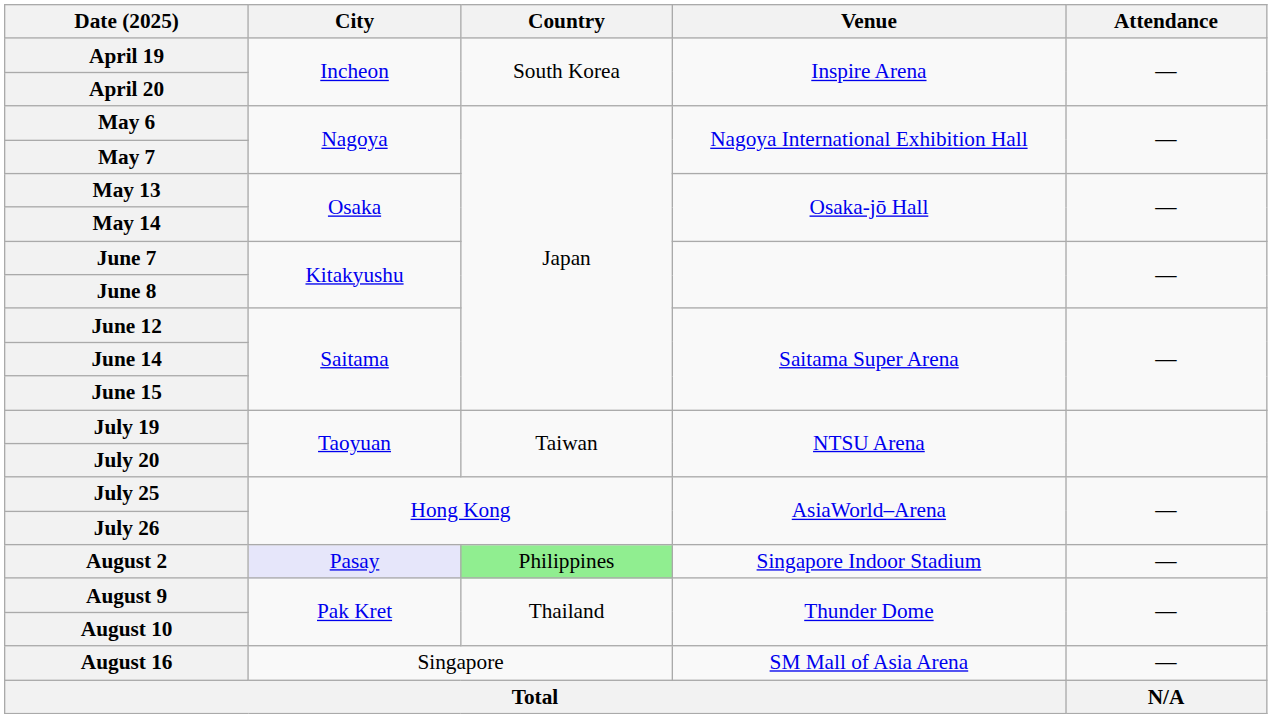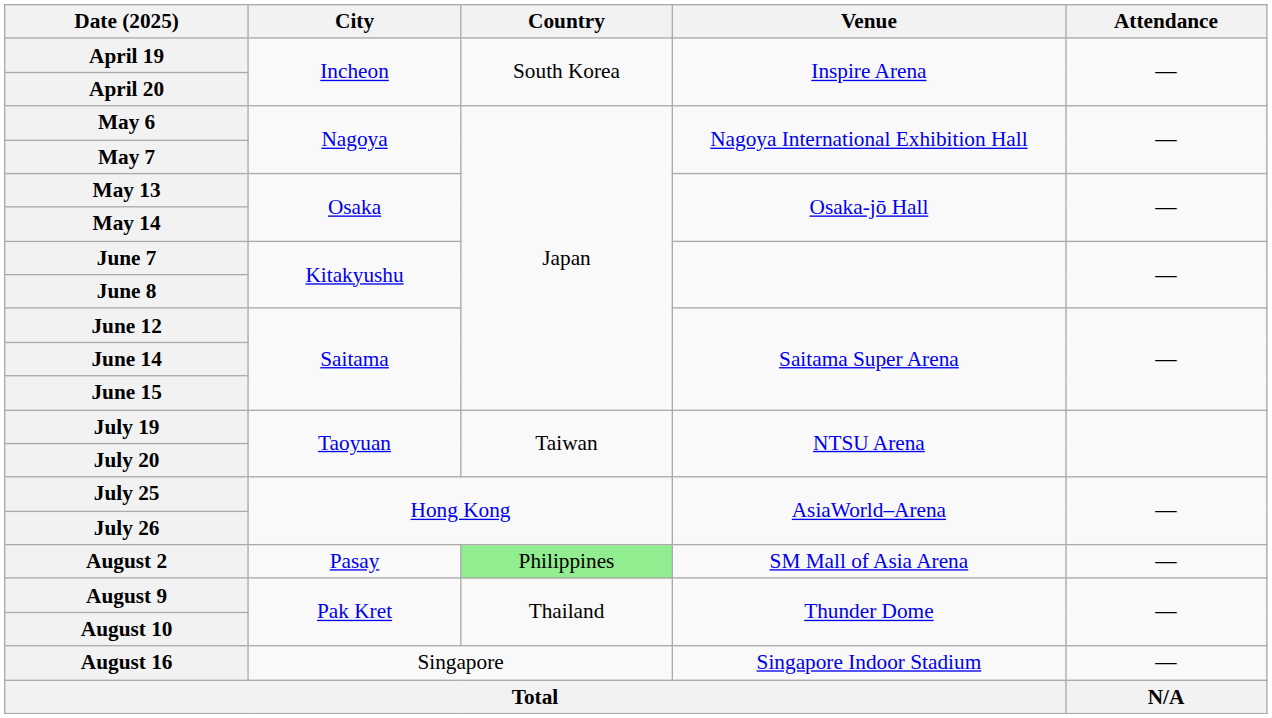 <table class="wikitable plainrowheaders" style="text-align:center">
 <tr>
 <th scope="col" style="width:11em">Date (2025)</th>
 <th scope="col" style="width:9.5em">City</th>
 <th scope="col" style="width:9.5em">Country</th>
 <th scope="col" style="width:18em">Venue</th>
 <th scope="col" style="width:9em">Attendance</th>
 </tr>
 <tr>
 <th scope="row" style="text-align:center">April 19</th>
 <td rowspan="2"><a href='#'>Incheon</a></td>
 <td rowspan="2">South Korea</td>
 <td rowspan="2"><a href='#'>Inspire Arena</a></td>
 <td rowspan="2">—</td>
 </tr>
 <tr>
 <th scope="row" style="text-align:center">April 20</th>
 </tr>
 <tr>
 <th scope="row" style="text-align:center">May 6</th>
 <td rowspan="2"><a href='#'>Nagoya</a></td>
 <td rowspan="9">Japan</td>
 <td rowspan="2"><a href='#'>Nagoya International Exhibition Hall</a></td>
 <td rowspan="2">—</td>
 </tr>
 <tr>
 <th scope="row" style="text-align:center">May 7</th>
 </tr>
 <tr>
 <th scope="row" style="text-align:center">May 13</th>
 <td rowspan="2"><a href='#'>Osaka</a></td>
 <td rowspan="2"><a href='#'>Osaka-jō Hall</a></td>
 <td rowspan="2">—</td>
 </tr>
 <tr>
 <th scope="row" style="text-align:center">May 14</th>
 </tr>
 <tr>
 <th scope="row" style="text-align:center">June 7</th>
 <td rowspan="2"><a href='#'>Kitakyushu</a></td>
 <td rowspan="2"></td>
 <td rowspan="2">—</td>
 </tr>
 <tr>
 <th scope="row" style="text-align:center">June 8</th>
 </tr>
 <tr>
 <th scope="row" style="text-align:center">June 12</th>
 <td rowspan="3"><a href='#'>Saitama</a></td>
 <td rowspan="3"><a href='#'>Saitama Super Arena</a></td>
 <td rowspan="3">—</td>
 </tr>
 <tr>
 <th scope="row" style="text-align:center">June 14</th>
 </tr>
 <tr>
 <th scope="row" style="text-align:center">June 15</th>
 </tr>
 <tr>
 <th scope="row" style="text-align:center">July 19</th>
 <td rowspan="2"><a href='#'>Taoyuan</a></td>
 <td rowspan="2">Taiwan</td>
 <td rowspan="2"><a href='#'>NTSU Arena</a></td>
 </tr>
 <tr>
 <th scope="row" style="text-align:center">July 20</th>
 </tr>
 <tr>
 <th scope="row" style="text-align:center">July 25</th>
 <td colspan="2" rowspan="2"><a href='#'>Hong Kong</a></td>
 <td rowspan="2"><a href='#'>AsiaWorld–Arena</a></td>
 <td rowspan="2">—</td>
 </tr>
 <tr>
 <th scope="row" style="text-align:center">July 26</th>
 </tr>
 <tr>
 <th scope="row" style="text-align:center">August 2</th>
-<td style="background: lavender;"><a href='#'>Pasay</a></td>
+<td><a href='#'>Pasay</a></td>
 <td style="background: lightgreen;">Philippines</td>
-<td><a href='#'>Singapore Indoor Stadium</a></td>
+<td><a href='#'>SM Mall of Asia Arena</a></td>
 <td>—</td>
 </tr>
 <tr>
 <th scope="row" style="text-align:center">August 9</th>
 <td rowspan="2"><a href='#'>Pak Kret</a></td>
 <td rowspan="2">Thailand</td>
 <td rowspan="2"><a href='#'>Thunder Dome</a></td>
 <td rowspan="2">—</td>
 </tr>
 <tr>
 <th scope="row" style="text-align:center">August 10</th>
 </tr>
 <tr>
 <th scope="row" style="text-align:center">August 16</th>
 <td colspan="2">Singapore</td>
-<td><a href='#'>SM Mall of Asia Arena</a></td>
+<td><a href='#'>Singapore Indoor Stadium</a></td>
 <td>—</td>
 </tr>
 <tr>
 <th colspan="4">Total</th>
 <th>N/A</th>
 </tr>
 </table>
